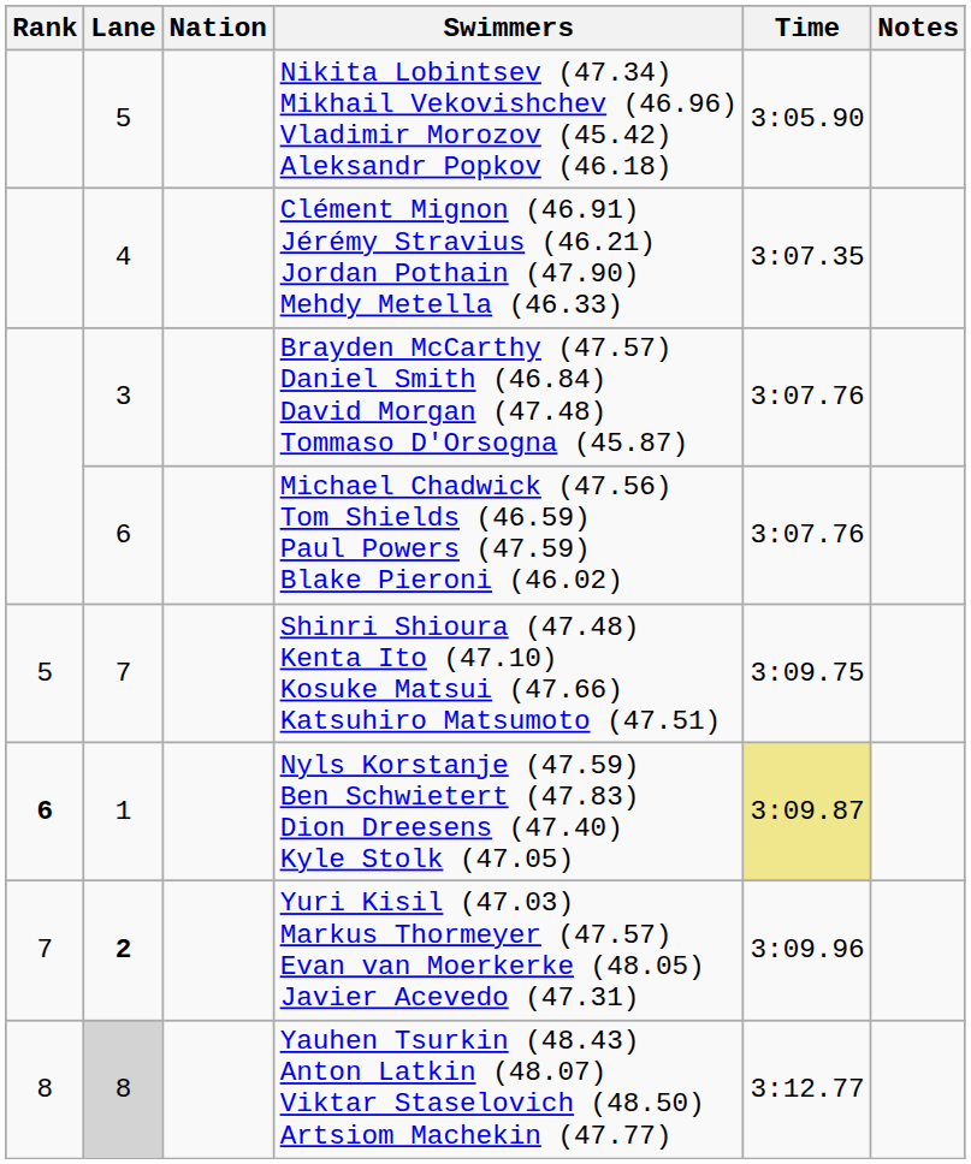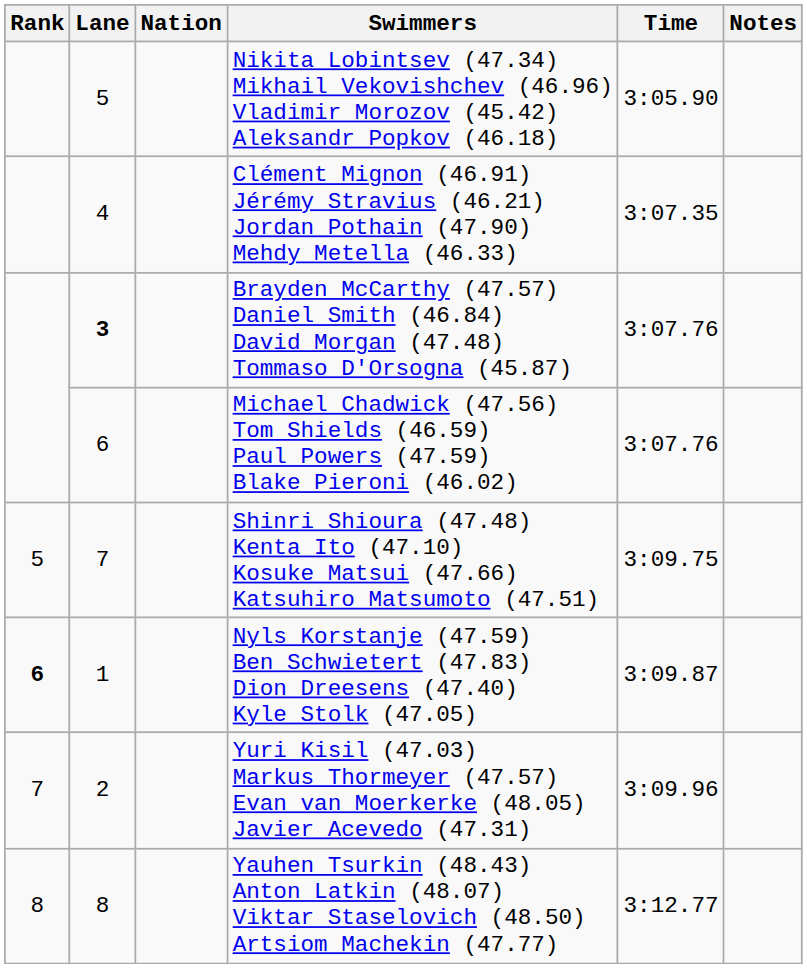 <table class="wikitable sortable" style="text-align:center">
 <tr>
 <th>Rank</th>
 <th>Lane</th>
 <th>Nation</th>
 <th>Swimmers</th>
 <th>Time</th>
 <th>Notes</th>
 </tr>
 <tr>
 <td></td>
 <td>5</td>
 <td align=left></td>
 <td align=left><a href='#'>Nikita Lobintsev</a> (47.34) <br> <a href='#'>Mikhail Vekovishchev</a> (46.96) <br> <a href='#'>Vladimir Morozov</a> (45.42) <br> <a href='#'>Aleksandr Popkov</a> (46.18)</td>
 <td>3:05.90</td>
 <td></td>
 </tr>
 <tr>
 <td></td>
 <td>4</td>
 <td align=left></td>
 <td align=left><a href='#'>Clément Mignon</a> (46.91) <br> <a href='#'>Jérémy Stravius</a> (46.21) <br> <a href='#'>Jordan Pothain</a> (47.90) <br> <a href='#'>Mehdy Metella</a> (46.33)</td>
 <td>3:07.35</td>
 <td></td>
 </tr>
 <tr>
 <td rowspan=2></td>
-<td>3</td>
+<td><strong>3</strong></td>
 <td align=left></td>
 <td align=left><a href='#'>Brayden McCarthy</a> (47.57) <br> <a href='#'>Daniel Smith</a> (46.84) <br> <a href='#'>David Morgan</a> (47.48) <br> <a href='#'>Tommaso D'Orsogna</a> (45.87)</td>
 <td>3:07.76</td>
 <td></td>
 </tr>
 <tr>
 <td>6</td>
 <td align=left></td>
 <td align=left><a href='#'>Michael Chadwick</a> (47.56) <br> <a href='#'>Tom Shields</a> (46.59) <br> <a href='#'>Paul Powers</a> (47.59) <br> <a href='#'>Blake Pieroni</a> (46.02)</td>
 <td>3:07.76</td>
 <td></td>
 </tr>
 <tr>
 <td>5</td>
 <td>7</td>
 <td align=left></td>
 <td align=left><a href='#'>Shinri Shioura</a> (47.48) <br> <a href='#'>Kenta Ito</a> (47.10) <br> <a href='#'>Kosuke Matsui</a> (47.66) <br> <a href='#'>Katsuhiro Matsumoto</a> (47.51)</td>
 <td>3:09.75</td>
 <td></td>
 </tr>
 <tr>
 <td><strong>6</strong></td>
 <td>1</td>
 <td align=left></td>
 <td align=left><a href='#'>Nyls Korstanje</a> (47.59) <br> <a href='#'>Ben Schwietert</a> (47.83) <br> <a href='#'>Dion Dreesens</a> (47.40) <br> <a href='#'>Kyle Stolk</a> (47.05)</td>
-<td style="background: khaki;">3:09.87</td>
+<td>3:09.87</td>
 <td></td>
 </tr>
 <tr>
 <td>7</td>
-<td><strong>2</strong></td>
+<td>2</td>
 <td align=left></td>
 <td align=left><a href='#'>Yuri Kisil</a> (47.03) <br> <a href='#'>Markus Thormeyer</a> (47.57) <br> <a href='#'>Evan van Moerkerke</a> (48.05) <br> <a href='#'>Javier Acevedo</a> (47.31)</td>
 <td>3:09.96</td>
 <td></td>
 </tr>
 <tr>
 <td>8</td>
-<td style="background: lightgrey;">8</td>
+<td>8</td>
 <td align=left></td>
 <td align=left><a href='#'>Yauhen Tsurkin</a> (48.43) <br> <a href='#'>Anton Latkin</a> (48.07) <br> <a href='#'>Viktar Staselovich</a> (48.50) <br> <a href='#'>Artsiom Machekin</a> (47.77)</td>
 <td>3:12.77</td>
 <td></td>
 </tr>
 </table>
